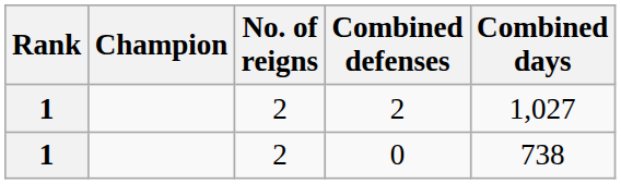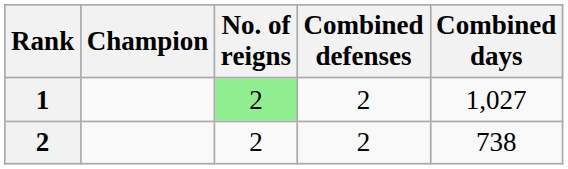 <table class="wikitable sortable" style="text-align: center">
 <tr>
 <th>Rank</th>
 <th>Champion</th>
 <th>No. of<br>reigns</th>
 <th>Combined<br>defenses</th>
 <th>Combined<br>days</th>
 </tr>
 <tr>
 <th>1</th>
 <td></td>
-<td>2</td>
+<td style="background: lightgreen;">2</td>
 <td>2</td>
 <td>1,027</td>
 </tr>
 <tr>
-<th>1</th>
+<th>2</th>
 <td></td>
 <td>2</td>
-<td>0</td>
+<td>2</td>
 <td>738</td>
 </tr>
 </table>
